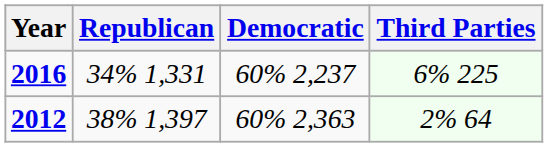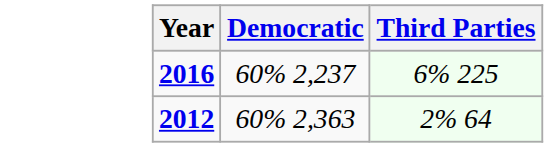 <table class="wikitable" style="float:right; font-size:95%;">
 <tr bgcolor=lightgrey>
 <th>Year</th>
-<th><a href='#'>Republican</a></th>
 <th><a href='#'>Democratic</a></th>
 <th><a href='#'>Third Parties</a></th>
 </tr>
 <tr>
 <td style="text-align:center; "><strong><a href='#'>2016</a></strong></td>
-<td style="text-align:center; "><em>34%</em> <em>1,331</em></td>
 <td style="text-align:center; "><em>60%</em> <em>2,237</em></td>
 <td style="text-align:center; background:honeyDew;"><em>6%</em> <em>225</em></td>
 </tr>
 <tr>
 <td style="text-align:center; "><strong><a href='#'>2012</a></strong></td>
-<td style="text-align:center; "><em>38%</em> <em>1,397</em></td>
 <td style="text-align:center; "><em>60%</em> <em>2,363</em></td>
 <td style="text-align:center; background:honeyDew;"><em>2%</em> <em>64</em></td>
 </tr>
 </table>
